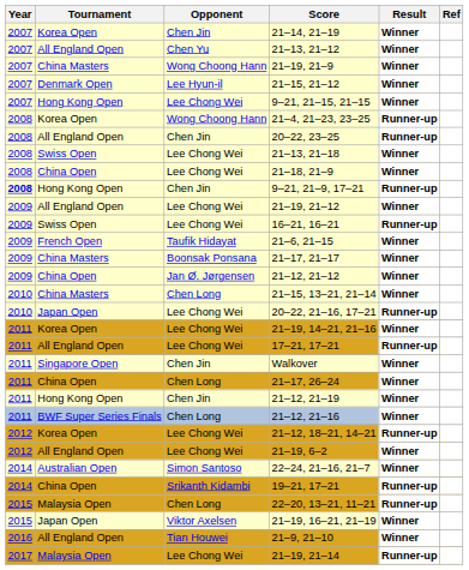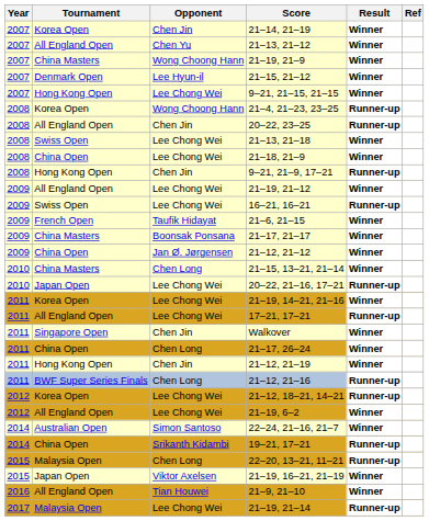 <table class="sortable wikitable" style="font-size: 90%">
 <tr>
 <th>Year</th>
 <th>Tournament</th>
 <th>Opponent</th>
 <th>Score</th>
 <th>Result</th>
 <th>Ref</th>
 </tr>
 <tr style="background:#FFFFCC">
 <td align="center"><a href='#'>2007</a></td>
 <td align="left"><a href='#'>Korea Open</a></td>
 <td align="left"> <a href='#'>Chen Jin</a></td>
 <td align="left">21–14, 21–19</td>
 <td style="text-align:left; background:white"> <strong>Winner</strong></td>
 <td style="text-align:center; background:white"></td>
 </tr>
 <tr style="background:#FFFFCC">
 <td align="center"><a href='#'>2007</a></td>
 <td align="left"><a href='#'>All England Open</a></td>
 <td align="left"> <a href='#'>Chen Yu</a></td>
 <td align="left">21–13, 21–12</td>
 <td style="text-align:left; background:white"> <strong>Winner</strong></td>
 <td style="text-align:center; background:white"></td>
 </tr>
 <tr style="background:#FFFFCC">
 <td align="center"><a href='#'>2007</a></td>
 <td align="left"><a href='#'>China Masters</a></td>
 <td align="left"> <a href='#'>Wong Choong Hann</a></td>
 <td align="left">21–19, 21–9</td>
 <td style="text-align:left; background:white"> <strong>Winner</strong></td>
 <td style="text-align:center; background:white"></td>
 </tr>
 <tr style="background:#FFFFCC">
 <td align="center"><a href='#'>2007</a></td>
 <td align="left"><a href='#'>Denmark Open</a></td>
 <td align="left"> <a href='#'>Lee Hyun-il</a></td>
 <td align="left">21–15, 21–12</td>
 <td style="text-align:left; background:white"> <strong>Winner</strong></td>
 <td style="text-align:center; background:white"></td>
 </tr>
 <tr style="background:#FFFFCC">
 <td align="center"><a href='#'>2007</a></td>
 <td align="left"><a href='#'>Hong Kong Open</a></td>
 <td align="left"> <a href='#'>Lee Chong Wei</a></td>
 <td align="left">9–21, 21–15, 21–15</td>
 <td style="text-align:left; background:white"> <strong>Winner</strong></td>
 <td style="text-align:center; background:white"></td>
 </tr>
 <tr style="background:#FFFFCC">
 <td align="center"><a href='#'>2008</a></td>
 <td align="left">Korea Open</td>
 <td align="left"> <a href='#'>Wong Choong Hann</a></td>
 <td align="left">21–4, 21–23, 23–25</td>
 <td style="text-align:left; background:white"> <strong>Runner-up</strong></td>
 <td style="text-align:center; background:white"></td>
 </tr>
 <tr style="background:#FFFFCC">
 <td align="center"><a href='#'>2008</a></td>
 <td align="left">All England Open</td>
 <td align="left"> Chen Jin</td>
 <td align="left">20–22, 23–25</td>
 <td style="text-align:left; background:white"> <strong>Runner-up</strong></td>
 <td style="text-align:center; background:white"></td>
 </tr>
 <tr style="background:#FFFFCC">
 <td align="center"><a href='#'>2008</a></td>
 <td align="left"><a href='#'>Swiss Open</a></td>
 <td align="left"> Lee Chong Wei</td>
 <td align="left">21–13, 21–18</td>
 <td style="text-align:left; background:white"> <strong>Winner</strong></td>
 <td style="text-align:center; background:white"></td>
 </tr>
 <tr style="background:#FFFFCC">
 <td align="center"><a href='#'>2008</a></td>
 <td align="left"><a href='#'>China Open</a></td>
 <td align="left"> Lee Chong Wei</td>
 <td align="left">21–18, 21–9</td>
 <td style="text-align:left; background:white"> <strong>Winner</strong></td>
 <td style="text-align:center; background:white"></td>
 </tr>
 <tr style="background:#FFFFCC">
-<td align="center"><strong><a href='#'>2008</a></strong></td>
+<td align="center"><a href='#'>2008</a></td>
 <td align="left">Hong Kong Open</td>
 <td align="left"> Chen Jin</td>
 <td align="left">9–21, 21–9, 17–21</td>
 <td style="text-align:left; background:white"> <strong>Runner-up</strong></td>
 <td style="text-align:center; background:white"></td>
 </tr>
 <tr style="background:#FFFFCC">
 <td align="center"><a href='#'>2009</a></td>
 <td align="left">All England Open</td>
 <td align="left"> Lee Chong Wei</td>
 <td align="left">21–19, 21–12</td>
 <td style="text-align:left; background:white"> <strong>Winner</strong></td>
 <td style="text-align:center; background:white"></td>
 </tr>
 <tr style="background:#FFFFCC">
 <td align="center"><a href='#'>2009</a></td>
 <td align="left">Swiss Open</td>
 <td align="left"> Lee Chong Wei</td>
 <td align="left">16–21, 16–21</td>
 <td style="text-align:left; background:white"> <strong>Runner-up</strong></td>
 <td style="text-align:center; background:white"></td>
 </tr>
 <tr style="background:#FFFFCC">
 <td align="center"><a href='#'>2009</a></td>
 <td align="left"><a href='#'>French Open</a></td>
 <td align="left"> <a href='#'>Taufik Hidayat</a></td>
 <td align="left">21–6, 21–15</td>
 <td style="text-align:left; background:white"> <strong>Winner</strong></td>
 <td style="text-align:center; background:white"></td>
 </tr>
 <tr style="background:#FFFFCC">
 <td align="center"><a href='#'>2009</a></td>
 <td align="left"><a href='#'>China Masters</a></td>
 <td align="left"> <a href='#'>Boonsak Ponsana</a></td>
 <td align="left">21–17, 21–17</td>
 <td style="text-align:left; background:white"> <strong>Winner</strong></td>
 <td style="text-align:center; background:white"></td>
 </tr>
 <tr style="background:#FFFFCC">
 <td align="center"><a href='#'>2009</a></td>
 <td align="left"><a href='#'>China Open</a></td>
 <td align="left"> <a href='#'>Jan Ø. Jørgensen</a></td>
 <td align="left">21–12, 21–12</td>
 <td style="text-align:left; background:white"> <strong>Winner</strong></td>
 <td style="text-align:center; background:white"></td>
 </tr>
 <tr style="background:#ffffcc">
 <td align="center"><a href='#'>2010</a></td>
 <td align="left"><a href='#'>China Masters</a></td>
 <td align="left"> <a href='#'>Chen Long</a></td>
 <td align="left">21–15, 13–21, 21–14</td>
 <td style="text-align:left; background:white"> <strong>Winner</strong></td>
 <td style="text-align:center; background:white"></td>
 </tr>
 <tr style="background:#FFFFCC">
 <td align="center"><a href='#'>2010</a></td>
 <td align="left"><a href='#'>Japan Open</a></td>
 <td align="left"> Lee Chong Wei</td>
 <td align="left">20–22, 21–16, 17–21</td>
 <td style="text-align:left; background:white"> <strong>Runner-up</strong></td>
 <td style="text-align:center; background:white"></td>
 </tr>
 <tr style="background:#DAA520">
 <td align="center"><a href='#'>2011</a></td>
 <td align="left">Korea Open</td>
 <td align="left"> Lee Chong Wei</td>
 <td align="left">21–19, 14–21, 21–16</td>
 <td style="text-align:left; background:white"> <strong>Winner</strong></td>
 <td style="text-align:center; background:white"></td>
 </tr>
 <tr style="background:#DAA520">
 <td align="center"><a href='#'>2011</a></td>
 <td align="left">All England Open</td>
 <td align="left"> Lee Chong Wei</td>
 <td align="left">17–21, 17–21</td>
 <td style="text-align:left; background:white"> <strong>Runner-up</strong></td>
 <td style="text-align:center; background:white"></td>
 </tr>
 <tr style="background:#FFFFCC">
 <td align="center"><a href='#'>2011</a></td>
 <td align="left"><a href='#'>Singapore Open</a></td>
 <td align="left"> Chen Jin</td>
 <td align="left">Walkover</td>
 <td style="text-align:left; background:white"> <strong>Winner</strong></td>
 <td style="text-align:center; background:white"></td>
 </tr>
 <tr style="background:#daa520">
 <td align="center"><a href='#'>2011</a></td>
 <td align="left">China Open</td>
 <td align="left"> Chen Long</td>
 <td align="left">21–17, 26–24</td>
 <td style="text-align:left; background:white"> <strong>Winner</strong></td>
 <td style="text-align:center; background:white"></td>
 </tr>
 <tr style="background:#FFFFCC">
 <td align="center"><a href='#'>2011</a></td>
 <td align="left">Hong Kong Open</td>
 <td align="left"> Chen Jin</td>
 <td align="left">21–12, 21–19</td>
 <td style="text-align:left; background:white"> <strong>Winner</strong></td>
 <td style="text-align:center; background:white"></td>
 </tr>
 <tr style="background:#b0c4de">
 <td align="center"><a href='#'>2011</a></td>
 <td align="left"><a href='#'>BWF Super Series Finals</a></td>
 <td align="left"> Chen Long</td>
 <td align="left">21–12, 21–16</td>
-<td style="text-align:left; background:white"> <strong>Winner</strong></td>
+<td style="text-align:left; background:white"> <strong>Runner-up</strong></td>
 <td style="text-align:center; background:white"></td>
 </tr>
 <tr style="background:#DAA520">
 <td align="center"><a href='#'>2012</a></td>
 <td align="left">Korea Open</td>
 <td align="left"> Lee Chong Wei</td>
 <td align="left">21–12, 18–21, 14–21</td>
 <td style="text-align:left; background:white"> <strong>Runner-up</strong></td>
 <td style="text-align:center; background:white"></td>
 </tr>
 <tr style="background:#DAA520">
 <td align="center"><a href='#'>2012</a></td>
 <td align="left">All England Open</td>
 <td align="left"> Lee Chong Wei</td>
 <td align="left">21–19, 6–2</td>
 <td style="text-align:left; background:white"> <strong>Winner</strong></td>
 <td style="text-align:center; background:white"></td>
 </tr>
 <tr style="background:#FFFFCC">
 <td align="center"><a href='#'>2014</a></td>
 <td align="left"><a href='#'>Australian Open</a></td>
 <td align="left"> <a href='#'>Simon Santoso</a></td>
 <td align="left">22–24, 21–16, 21–7</td>
 <td style="text-align:left; background:white"> <strong>Winner</strong></td>
 <td style="text-align:center; background:white"></td>
 </tr>
 <tr style="background:#DAA520">
 <td align="center"><a href='#'>2014</a></td>
 <td align="left">China Open</td>
 <td align="left"> <a href='#'>Srikanth Kidambi</a></td>
 <td align="left">19–21, 17–21</td>
 <td style="text–align:left; background:white"> <strong>Runner-up</strong></td>
 <td style="text-align:center; background:white"></td>
 </tr>
 <tr style="background:#daa520">
 <td align="center"><a href='#'>2015</a></td>
 <td align="left">Malaysia Open</td>
 <td align="left"> Chen Long</td>
 <td align="left">22–20, 13–21, 11–21</td>
 <td style="text-align:left; background:white"> <strong>Runner-up</strong></td>
 <td style="text-align:center; background:white"></td>
 </tr>
 <tr style="background:#FFFFCC">
 <td align="center"><a href='#'>2015</a></td>
 <td align="left">Japan Open</td>
 <td align="left"> <a href='#'>Viktor Axelsen</a></td>
 <td align="left">21–19, 16–21, 21–19</td>
 <td style="text-align:left; background:white"> <strong>Winner</strong></td>
 <td style="text-align:center; background:white"></td>
 </tr>
 <tr style="background:#DAA520">
 <td align="center"><a href='#'>2016</a></td>
 <td align="left">All England Open</td>
 <td align="left"> <a href='#'>Tian Houwei</a></td>
 <td align="left">21–9, 21–10</td>
 <td style="text-align:left; background:white"> <strong>Winner</strong></td>
 <td style="text-align:center; background:white"></td>
 </tr>
 <tr style="background:#DAA520">
 <td align="center"><a href='#'>2017</a></td>
 <td align="left"><a href='#'>Malaysia Open</a></td>
 <td align="left"> Lee Chong Wei</td>
 <td align="left">21–19, 21–14</td>
 <td style="text-align:left; background:white"> <strong>Runner-up</strong></td>
 <td style="text-align:center; background:white"></td>
 </tr>
 </table>
